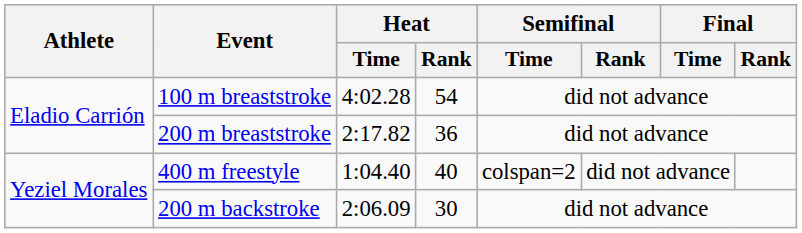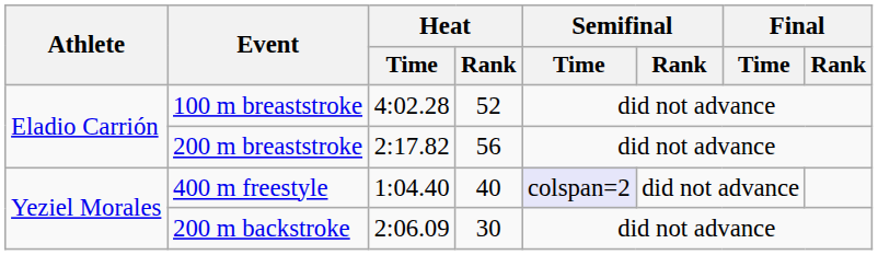 <table class=wikitable style="font-size:90%">
 <tr>
 <th rowspan="2">Athlete</th>
 <th rowspan="2">Event</th>
 <th colspan="2">Heat</th>
 <th colspan="2">Semifinal</th>
 <th colspan="2">Final</th>
 </tr>
 <tr style="font-size:95%">
 <th>Time</th>
 <th>Rank</th>
 <th>Time</th>
 <th>Rank</th>
 <th>Time</th>
 <th>Rank</th>
 </tr>
 <tr align=center>
 <td align=left rowspan=2><a href='#'>Eladio Carrión</a></td>
 <td align=left><a href='#'>100 m breaststroke</a></td>
 <td>4:02.28</td>
-<td>54</td>
+<td>52</td>
 <td colspan=4>did not advance</td>
 </tr>
 <tr align=center>
 <td align=left><a href='#'>200 m breaststroke</a></td>
 <td>2:17.82</td>
-<td>36</td>
+<td>56</td>
 <td colspan=4>did not advance</td>
 </tr>
 <tr align=center>
 <td align=left rowspan=2><a href='#'>Yeziel Morales</a></td>
 <td align=left><a href='#'>400 m freestyle</a></td>
 <td>1:04.40</td>
 <td>40</td>
-<td>colspan=2 </td>
+<td style="background: lavender;">colspan=2 </td>
 <td colspan=2>did not advance</td>
 </tr>
 <tr align=center>
 <td align=left><a href='#'>200 m backstroke</a></td>
 <td>2:06.09</td>
 <td>30</td>
 <td colspan=4>did not advance</td>
 </tr>
 </table>
